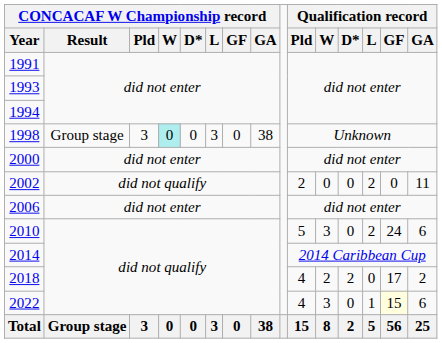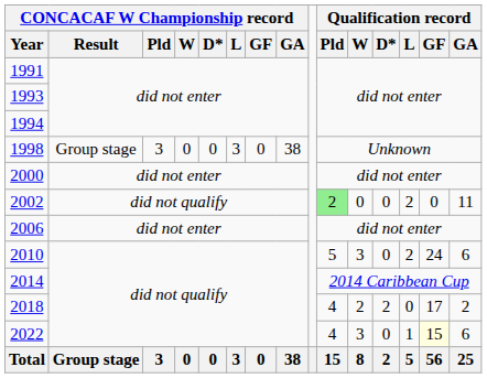 <table class="wikitable" style="text-align: center;">
 <tr>
 <th colspan=8><a href='#'>CONCACAF W Championship</a> record</th>
 <td rowspan=13></td>
 <th colspan=6>Qualification record</th>
 </tr>
 <tr>
 <th>Year</th>
 <th>Result</th>
 <th>Pld</th>
 <th>W</th>
 <th>D*</th>
 <th>L</th>
 <th>GF</th>
 <th>GA</th>
 <th>Pld</th>
 <th>W</th>
 <th>D*</th>
 <th>L</th>
 <th>GF</th>
 <th>GA</th>
 </tr>
 <tr>
 <td> <a href='#'>1991</a></td>
 <td colspan=7 rowspan=3><em>did not enter</em></td>
 <td colspan=6 rowspan=3><em>did not enter</em></td>
 </tr>
 <tr>
 <td> <a href='#'>1993</a></td>
 </tr>
 <tr>
 <td> <a href='#'>1994</a></td>
 </tr>
 <tr>
 <td> <a href='#'>1998</a></td>
 <td>Group stage</td>
 <td>3</td>
-<td style="background: paleturquoise;">0</td>
+<td>0</td>
 <td>0</td>
 <td>3</td>
 <td>0</td>
 <td>38</td>
 <td colspan=6><em>Unknown</em></td>
 </tr>
 <tr>
 <td> <a href='#'>2000</a></td>
 <td colspan=7><em>did not enter</em></td>
 <td colspan=6><em>did not enter</em></td>
 </tr>
 <tr>
 <td> <a href='#'>2002</a></td>
 <td colspan=7><em>did not qualify</em></td>
-<td>2</td>
+<td style="background: lightgreen;">2</td>
 <td>0</td>
 <td>0</td>
 <td>2</td>
 <td>0</td>
 <td>11</td>
 </tr>
 <tr>
 <td> <a href='#'>2006</a></td>
 <td colspan=7><em>did not enter</em></td>
 <td colspan=6><em>did not enter</em></td>
 </tr>
 <tr>
 <td> <a href='#'>2010</a></td>
 <td colspan=7 rowspan=4><em>did not qualify</em></td>
 <td>5</td>
 <td>3</td>
 <td>0</td>
 <td>2</td>
 <td>24</td>
 <td>6</td>
 </tr>
 <tr>
 <td> <a href='#'>2014</a></td>
 <td colspan=6><em><a href='#'>2014 Caribbean Cup</a></em></td>
 </tr>
 <tr>
 <td> <a href='#'>2018</a></td>
 <td>4</td>
 <td>2</td>
 <td>2</td>
 <td>0</td>
 <td>17</td>
 <td>2</td>
 </tr>
 <tr>
 <td> <a href='#'>2022</a></td>
 <td>4</td>
 <td>3</td>
 <td>0</td>
 <td>1</td>
 <td style="background: lightyellow;">15</td>
 <td>6</td>
 </tr>
 <tr>
 <th>Total</th>
 <th>Group stage</th>
 <th>3</th>
 <th>0</th>
 <th>0</th>
 <th>3</th>
 <th>0</th>
 <th>38</th>
 <th></th>
 <th>15</th>
 <th>8</th>
 <th>2</th>
 <th>5</th>
 <th>56</th>
 <th>25</th>
 </tr>
 </table>
